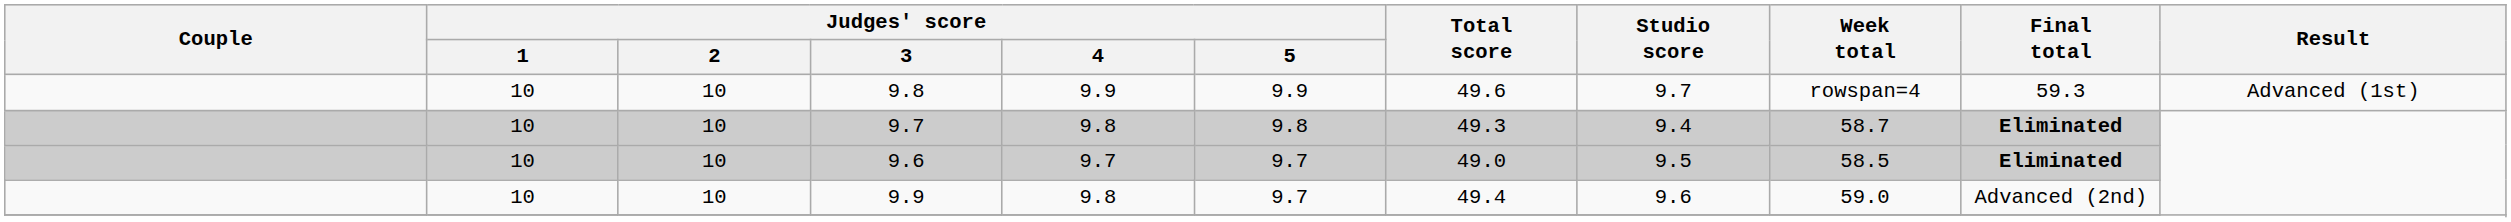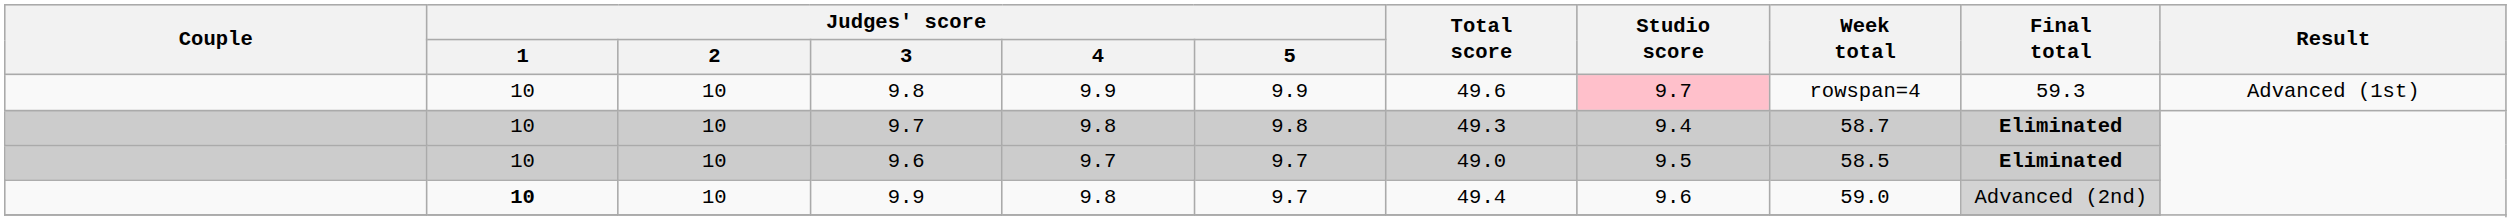 <table class="wikitable" style="font-size:100%; line-height:16px; text-align:center" width="100%">
 <tr>
 <th rowspan=2 width="11.00%">Couple</th>
 <th colspan=5 width="25.00%">Judges' score</th>
 <th rowspan=2 width="05.00%">Total<br>score</th>
 <th rowspan=2 width="05.00%">Studio<br>score</th>
 <th rowspan=2 width="05.00%">Week<br>total</th>
 <th rowspan=2 width="05.00%">Final<br>total</th>
 <th rowspan=2 width="09.00%">Result</th>
 </tr>
 <tr>
 <th width="05%">1</th>
 <th width="05%">2</th>
 <th width="05%">3</th>
 <th width="05%">4</th>
 <th width="05%">5</th>
 </tr>
 <tr>
 <td></td>
 <td>10</td>
 <td>10</td>
 <td>9.8</td>
 <td>9.9</td>
 <td>9.9</td>
 <td>49.6</td>
-<td>9.7</td>
+<td style="background: pink;">9.7</td>
 <td>rowspan=4 </td>
 <td>59.3</td>
 <td>Advanced (1st)</td>
 </tr>
 <tr bgcolor="CCCCCC">
 <td></td>
 <td>10</td>
 <td>10</td>
 <td>9.7</td>
 <td>9.8</td>
 <td>9.8</td>
 <td>49.3</td>
 <td>9.4</td>
 <td>58.7</td>
 <td><strong>Eliminated</strong></td>
 </tr>
 <tr bgcolor="CCCCCC">
 <td></td>
 <td>10</td>
 <td>10</td>
 <td>9.6</td>
 <td>9.7</td>
 <td>9.7</td>
 <td>49.0</td>
 <td>9.5</td>
 <td>58.5</td>
 <td><strong>Eliminated</strong></td>
 </tr>
 <tr>
 <td></td>
-<td>10</td>
+<td><strong>10</strong></td>
 <td>10</td>
 <td>9.9</td>
 <td>9.8</td>
 <td>9.7</td>
 <td>49.4</td>
 <td>9.6</td>
 <td>59.0</td>
-<td>Advanced (2nd)</td>
+<td style="background: lightgrey;">Advanced (2nd)</td>
 </tr>
 <tr>
 </tr>
 </table>
